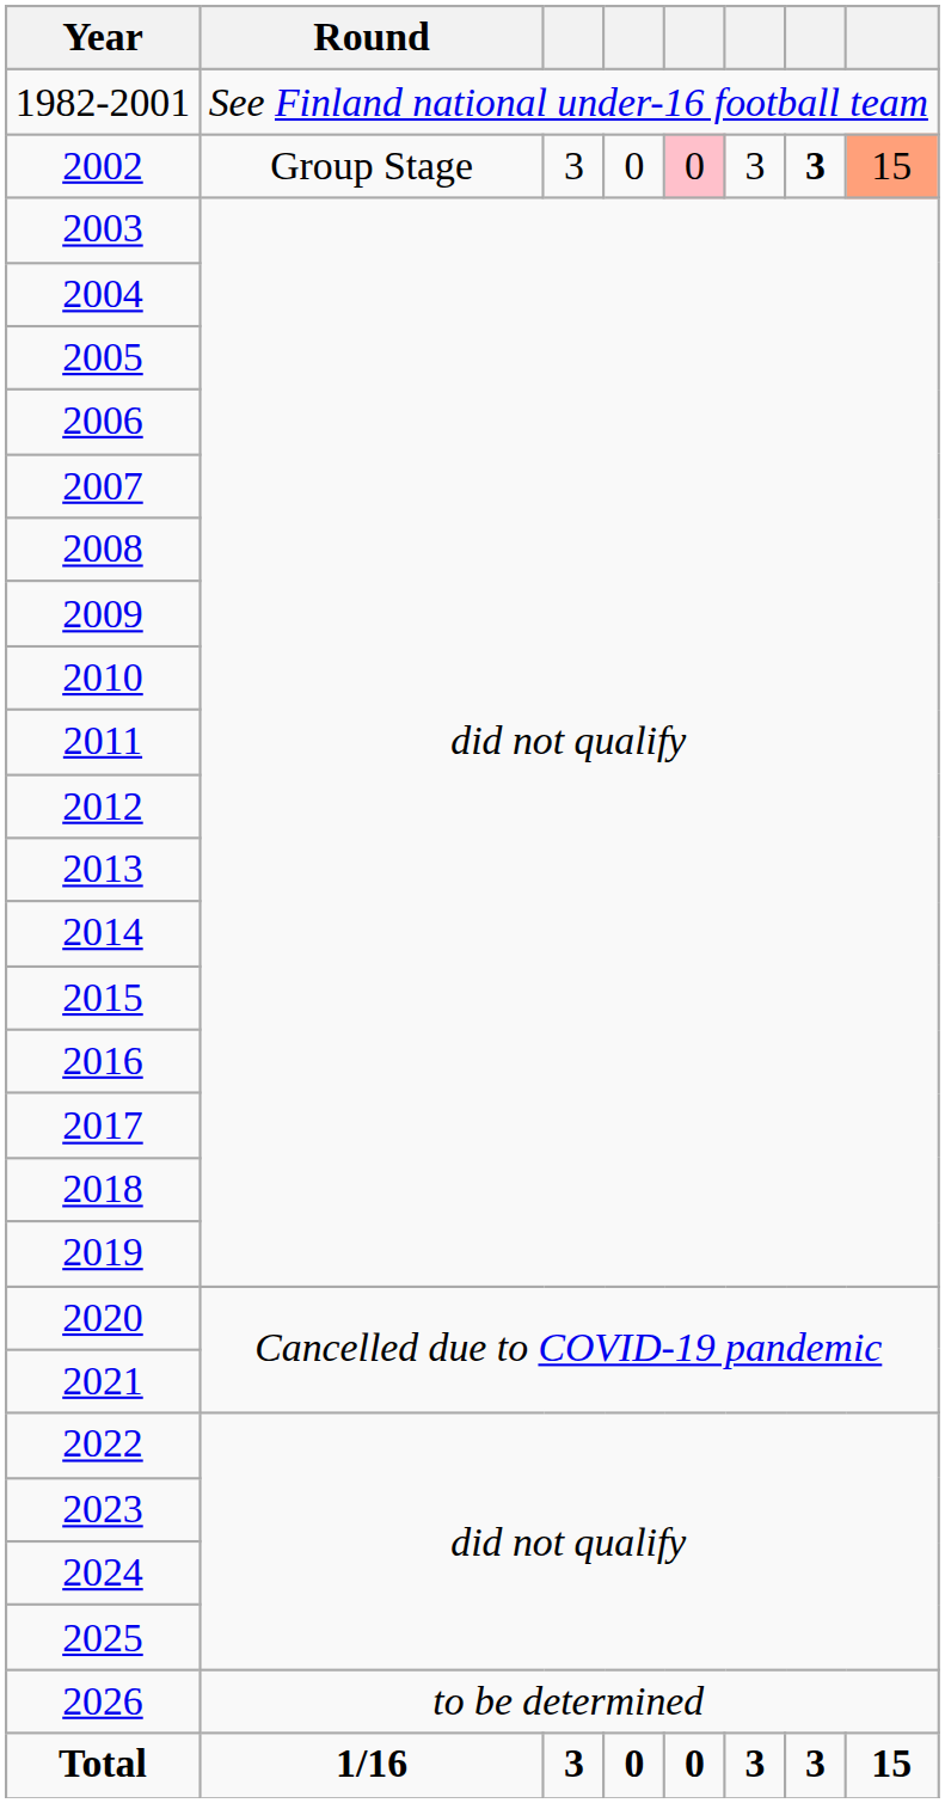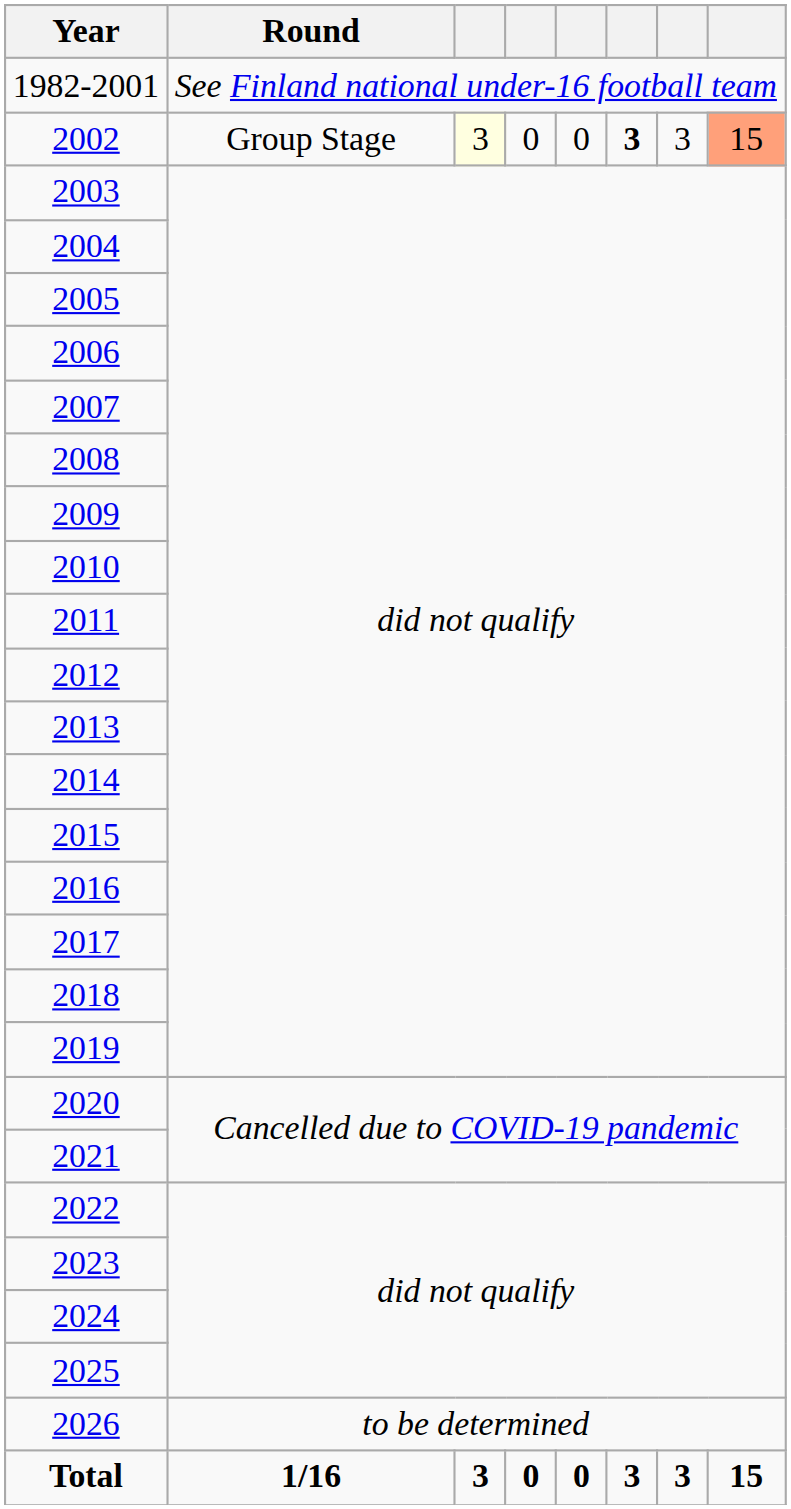 <table class="wikitable" style="text-align: center;">
 <tr>
 <th>Year</th>
 <th>Round</th>
 <th></th>
 <th></th>
 <th></th>
 <th></th>
 <th></th>
 <th></th>
 </tr>
 <tr>
 <td>1982-2001</td>
 <td colspan=15><em>See <a href='#'>Finland national under-16 football team</a></em></td>
 </tr>
 <tr>
 <td> <a href='#'>2002</a></td>
 <td>Group Stage</td>
+<td style="background: lightyellow;">3</td>
+<td>0</td>
+<td>0</td>
+<td><strong>3</strong></td>
 <td>3</td>
-<td>0</td>
-<td style="background: pink;">0</td>
-<td>3</td>
-<td><strong>3</strong></td>
 <td style="background: lightsalmon;">15</td>
 </tr>
 <tr>
 <td> <a href='#'>2003</a></td>
 <td colspan=7 rowspan=17><em>did not qualify</em></td>
 </tr>
 <tr>
 <td> <a href='#'>2004</a></td>
 </tr>
 <tr>
 <td> <a href='#'>2005</a></td>
 </tr>
 <tr>
 <td> <a href='#'>2006</a></td>
 </tr>
 <tr>
 <td> <a href='#'>2007</a></td>
 </tr>
 <tr>
 <td> <a href='#'>2008</a></td>
 </tr>
 <tr>
 <td> <a href='#'>2009</a></td>
 </tr>
 <tr>
 <td> <a href='#'>2010</a></td>
 </tr>
 <tr>
 <td> <a href='#'>2011</a></td>
 </tr>
 <tr>
 <td> <a href='#'>2012</a></td>
 </tr>
 <tr>
 <td> <a href='#'>2013</a></td>
 </tr>
 <tr>
 <td> <a href='#'>2014</a></td>
 </tr>
 <tr>
 <td> <a href='#'>2015</a></td>
 </tr>
 <tr>
 <td> <a href='#'>2016</a></td>
 </tr>
 <tr>
 <td> <a href='#'>2017</a></td>
 </tr>
 <tr>
 <td> <a href='#'>2018</a></td>
 </tr>
 <tr>
 <td> <a href='#'>2019</a></td>
 </tr>
 <tr>
 <td> <a href='#'>2020</a></td>
 <td rowspan=2 colspan=8><em>Cancelled due to <a href='#'>COVID-19 pandemic</a></em></td>
 </tr>
 <tr>
 <td> <a href='#'>2021</a></td>
 </tr>
 <tr>
 <td> <a href='#'>2022</a></td>
 <td rowspan=4 colspan=7><em>did not qualify</em></td>
 </tr>
 <tr>
 <td> <a href='#'>2023</a></td>
 </tr>
 <tr>
 <td> <a href='#'>2024</a></td>
 </tr>
 <tr>
 <td> <a href='#'>2025</a></td>
 </tr>
 <tr>
 <td> <a href='#'>2026</a></td>
 <td colspan=8><em>to be determined</em></td>
 </tr>
 <tr>
 <td><strong>Total</strong></td>
 <td><strong>1/16</strong></td>
 <td><strong>3</strong></td>
 <td><strong>0</strong></td>
 <td><strong>0</strong></td>
 <td><strong>3</strong></td>
 <td><strong>3</strong></td>
 <td><strong>15</strong></td>
 </tr>
 </table>
